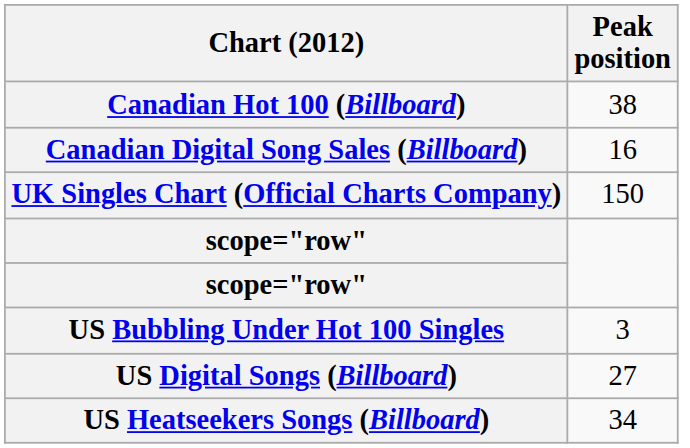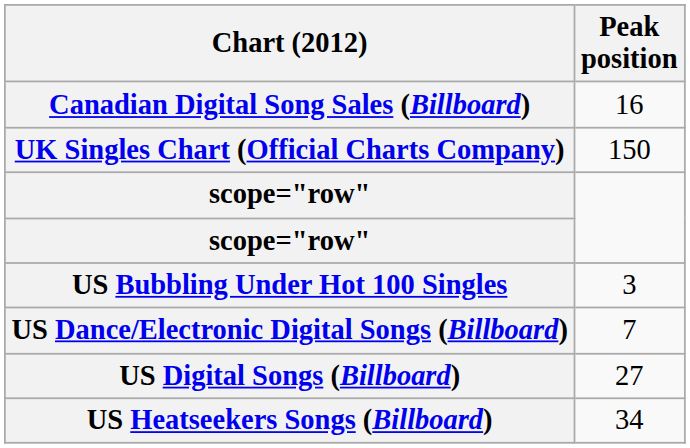 <table class="wikitable sortable plainrowheaders" style="text-align:center;">
 <tr>
 <th>Chart (2012)</th>
 <th>Peak<br>position</th>
-</tr>
-<tr>
-<th scope="row"><a href='#'>Canadian Hot 100</a> (<em><a href='#'>Billboard</a></em>)</th>
-<td>38</td>
 </tr>
 <tr>
 <th scope="row"><a href='#'>Canadian Digital Song Sales</a> (<em><a href='#'>Billboard</a></em>)</th>
 <td>16</td>
 </tr>
 <tr>
 <th scope="row"><a href='#'>UK Singles Chart</a> (<a href='#'>Official Charts Company</a>)</th>
 <td>150</td>
 </tr>
 <tr>
 <th>scope="row"</th>
 </tr>
 <tr>
 <th>scope="row"</th>
 </tr>
 <tr>
 <th scope="row">US <a href='#'>Bubbling Under Hot 100 Singles</a></th>
 <td>3</td>
 </tr>
 <tr>
+<th scope="row">US <a href='#'>Dance/Electronic Digital Songs</a> (<em><a href='#'>Billboard</a></em>)</th>
+<td>7</td>
+</tr>
+<tr>
 <th scope="row">US <a href='#'>Digital Songs</a> (<em><a href='#'>Billboard</a></em>)</th>
 <td>27</td>
 </tr>
 <tr>
 <th scope="row">US <a href='#'>Heatseekers Songs</a> (<em><a href='#'>Billboard</a></em>)</th>
 <td>34</td>
 </tr>
 </table>
